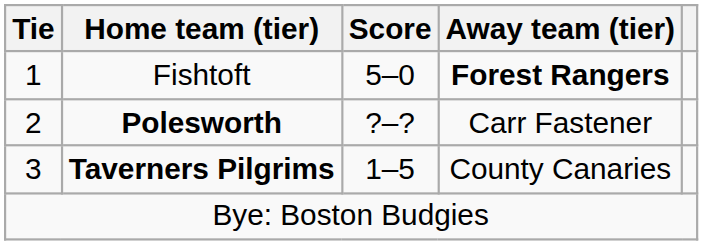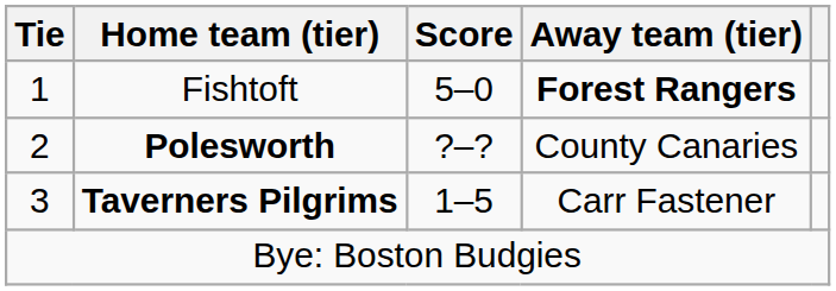 <table class="wikitable" style="text-align:center; font-size:85%">
 <tr>
 <th>Tie</th>
 <th>Home team (tier)</th>
 <th>Score</th>
 <th>Away team (tier)</th>
 <th></th>
 </tr>
 <tr>
 <td align="center">1</td>
 <td>Fishtoft</td>
 <td align="center">5–0</td>
 <td><strong>Forest Rangers</strong></td>
 <td></td>
 </tr>
 <tr>
 <td align="center">2</td>
 <td><strong>Polesworth</strong></td>
 <td align="center">?–?</td>
-<td>Carr Fastener</td>
+<td>County Canaries</td>
 <td></td>
 </tr>
 <tr>
 <td align="center">3</td>
 <td><strong>Taverners Pilgrims</strong></td>
 <td align="center">1–5</td>
-<td>County Canaries</td>
+<td>Carr Fastener</td>
 <td></td>
 </tr>
 <tr>
 <td colspan="5" align="center">Bye: Boston Budgies</td>
 </tr>
 </table>
